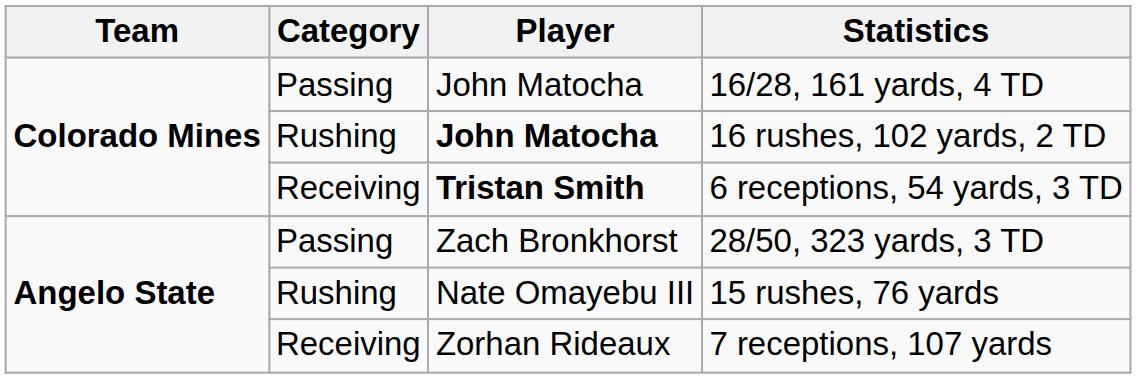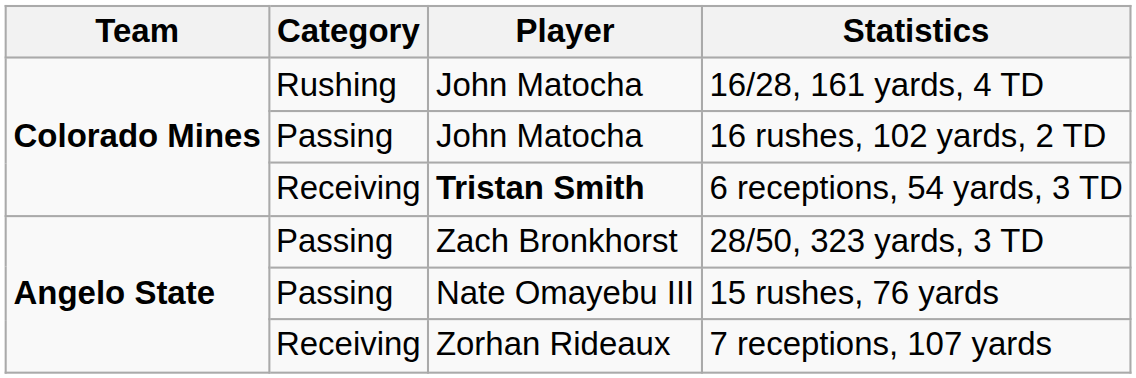 <table class="wikitable" style="float: right;">
 <tr>
 <th>Team</th>
 <th>Category</th>
 <th>Player</th>
 <th>Statistics</th>
 </tr>
 <tr>
 <td rowspan=3><strong>Colorado Mines</strong></td>
-<td>Passing</td>
+<td>Rushing</td>
 <td>John Matocha</td>
 <td>16/28, 161 yards, 4 TD</td>
 </tr>
 <tr>
-<td>Rushing</td>
-<td><strong>John Matocha</strong></td>
+<td>Passing</td>
+<td>John Matocha</td>
 <td>16 rushes, 102 yards, 2 TD</td>
 </tr>
 <tr>
 <td>Receiving</td>
 <td><strong>Tristan Smith</strong></td>
 <td>6 receptions, 54 yards, 3 TD</td>
 </tr>
 <tr>
 <td rowspan=3><strong>Angelo State</strong></td>
 <td>Passing</td>
 <td>Zach Bronkhorst</td>
 <td>28/50, 323 yards, 3 TD</td>
 </tr>
 <tr>
-<td>Rushing</td>
+<td>Passing</td>
 <td>Nate Omayebu III</td>
 <td>15 rushes, 76 yards</td>
 </tr>
 <tr>
 <td>Receiving</td>
 <td>Zorhan Rideaux</td>
 <td>7 receptions, 107 yards</td>
 </tr>
 </table>
